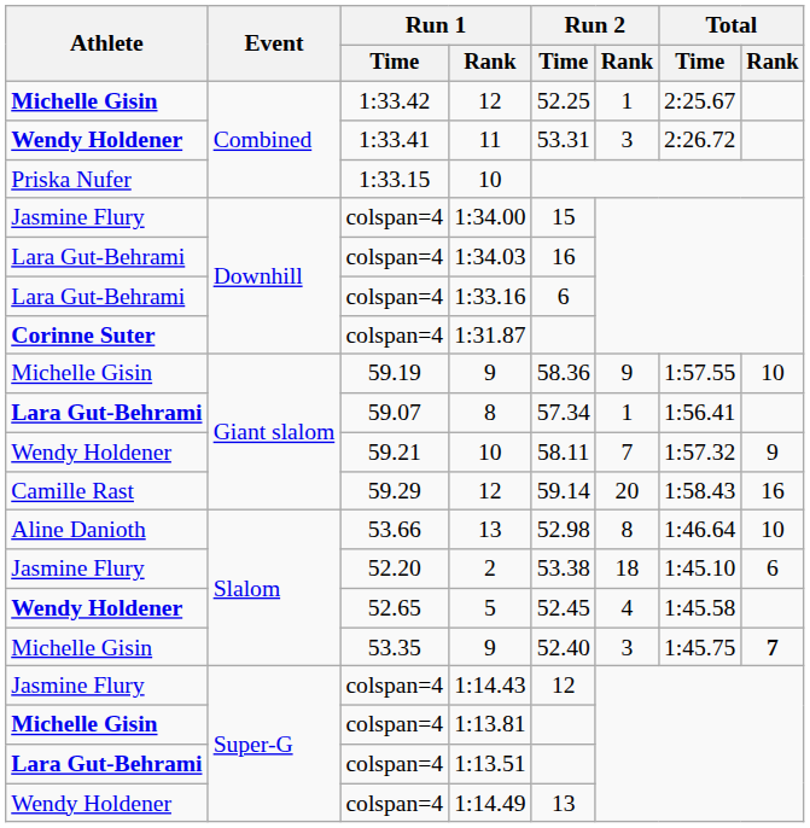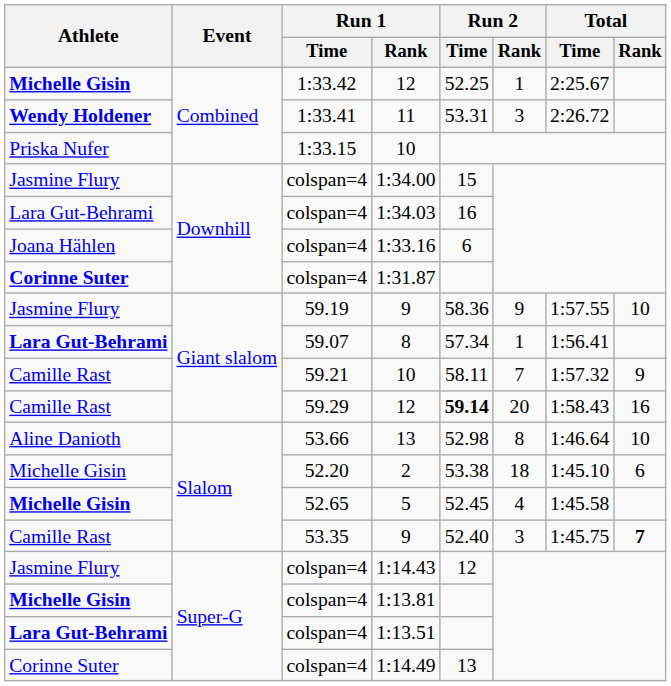 <table class=wikitable style=font-size:90%;text-align:center>
 <tr>
 <th rowspan=2>Athlete</th>
 <th rowspan=2>Event</th>
 <th colspan=2>Run 1</th>
 <th colspan=2>Run 2</th>
 <th colspan=2>Total</th>
 </tr>
 <tr style=font-size:95%>
 <th>Time</th>
 <th>Rank</th>
 <th>Time</th>
 <th>Rank</th>
 <th>Time</th>
 <th>Rank</th>
 </tr>
 <tr>
 <td align=left><strong><a href='#'>Michelle Gisin</a></strong></td>
 <td align=left rowspan=3><a href='#'>Combined</a></td>
 <td>1:33.42</td>
 <td>12</td>
 <td>52.25</td>
 <td>1</td>
 <td>2:25.67</td>
 <td></td>
 </tr>
 <tr>
 <td align=left><strong><a href='#'>Wendy Holdener</a></strong></td>
 <td>1:33.41</td>
 <td>11</td>
 <td>53.31</td>
 <td>3</td>
 <td>2:26.72</td>
 <td></td>
 </tr>
 <tr>
 <td align=left><a href='#'>Priska Nufer</a></td>
 <td>1:33.15</td>
 <td>10</td>
 <td colspan=4></td>
 </tr>
 <tr>
 <td align=left><a href='#'>Jasmine Flury</a></td>
 <td align=left rowspan=4><a href='#'>Downhill</a></td>
 <td>colspan=4 </td>
 <td>1:34.00</td>
 <td>15</td>
 </tr>
 <tr>
 <td align=left><a href='#'>Lara Gut-Behrami</a></td>
 <td>colspan=4 </td>
 <td>1:34.03</td>
 <td>16</td>
 </tr>
 <tr>
-<td align=left><a href='#'>Lara Gut-Behrami</a></td>
+<td align=left><a href='#'>Joana Hählen</a></td>
 <td>colspan=4 </td>
 <td>1:33.16</td>
 <td>6</td>
 </tr>
 <tr>
 <td align=left><strong><a href='#'>Corinne Suter</a></strong></td>
 <td>colspan=4 </td>
 <td>1:31.87</td>
 <td></td>
 </tr>
 <tr>
-<td align=left><a href='#'>Michelle Gisin</a></td>
+<td align=left><a href='#'>Jasmine Flury</a></td>
 <td align=left rowspan=4><a href='#'>Giant slalom</a></td>
 <td>59.19</td>
 <td>9</td>
 <td>58.36</td>
 <td>9</td>
 <td>1:57.55</td>
 <td>10</td>
 </tr>
 <tr>
 <td align=left><strong><a href='#'>Lara Gut-Behrami</a></strong></td>
 <td>59.07</td>
 <td>8</td>
 <td>57.34</td>
 <td>1</td>
 <td>1:56.41</td>
 <td></td>
 </tr>
 <tr>
-<td align=left><a href='#'>Wendy Holdener</a></td>
+<td align=left><a href='#'>Camille Rast</a></td>
 <td>59.21</td>
 <td>10</td>
 <td>58.11</td>
 <td>7</td>
 <td>1:57.32</td>
 <td>9</td>
 </tr>
 <tr>
 <td align=left><a href='#'>Camille Rast</a></td>
 <td>59.29</td>
 <td>12</td>
-<td>59.14</td>
+<td><strong>59.14</strong></td>
 <td>20</td>
 <td>1:58.43</td>
 <td>16</td>
 </tr>
 <tr>
 <td align=left><a href='#'>Aline Danioth</a></td>
 <td align=left rowspan=4><a href='#'>Slalom</a></td>
 <td>53.66</td>
 <td>13</td>
 <td>52.98</td>
 <td>8</td>
 <td>1:46.64</td>
 <td>10</td>
 </tr>
 <tr>
-<td align=left><a href='#'>Jasmine Flury</a></td>
+<td align=left><a href='#'>Michelle Gisin</a></td>
 <td>52.20</td>
 <td>2</td>
 <td>53.38</td>
 <td>18</td>
 <td>1:45.10</td>
 <td>6</td>
 </tr>
 <tr>
-<td align=left><strong><a href='#'>Wendy Holdener</a></strong></td>
+<td align=left><strong><a href='#'>Michelle Gisin</a></strong></td>
 <td>52.65</td>
 <td>5</td>
 <td>52.45</td>
 <td>4</td>
 <td>1:45.58</td>
 <td></td>
 </tr>
 <tr>
-<td align=left><a href='#'>Michelle Gisin</a></td>
+<td align=left><a href='#'>Camille Rast</a></td>
 <td>53.35</td>
 <td>9</td>
 <td>52.40</td>
 <td>3</td>
 <td>1:45.75</td>
 <td><strong>7</strong></td>
 </tr>
 <tr>
 <td align=left><a href='#'>Jasmine Flury</a></td>
 <td align=left rowspan=4><a href='#'>Super-G</a></td>
 <td>colspan=4 </td>
 <td>1:14.43</td>
 <td>12</td>
 </tr>
 <tr>
 <td align=left><strong><a href='#'>Michelle Gisin</a></strong></td>
 <td>colspan=4 </td>
 <td>1:13.81</td>
 <td></td>
 </tr>
 <tr>
 <td align=left><strong><a href='#'>Lara Gut-Behrami</a></strong></td>
 <td>colspan=4 </td>
 <td>1:13.51</td>
 <td></td>
 </tr>
 <tr>
-<td align=left><a href='#'>Wendy Holdener</a></td>
+<td align=left><a href='#'>Corinne Suter</a></td>
 <td>colspan=4 </td>
 <td>1:14.49</td>
 <td>13</td>
 </tr>
 </table>
